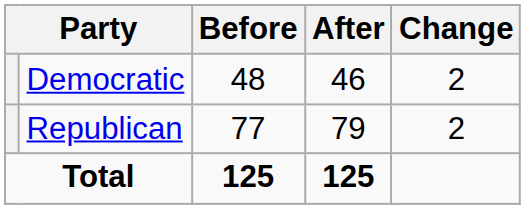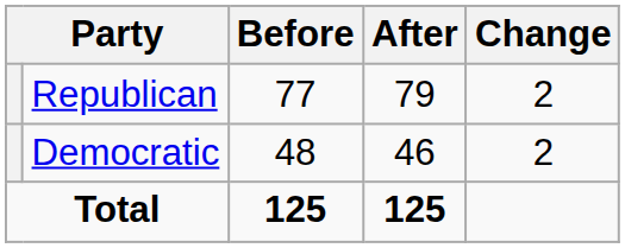 <table class="wikitable" style="text-align:center;">
 <tr>
 <th colspan="2">Party</th>
 <th>Before</th>
 <th>After</th>
 <th>Change</th>
 </tr>
 <tr>
 <th style="background-color:"></th>
-<td style="text-align:left;"><a href='#'>Democratic</a></td>
-<td>48</td>
-<td>46</td>
+<td style="text-align:left;"><a href='#'>Republican</a></td>
+<td>77</td>
+<td>79</td>
 <td> 2</td>
 </tr>
 <tr>
 <th style="background-color:"></th>
-<td style="text-align:left;"><a href='#'>Republican</a></td>
-<td>77</td>
-<td>79</td>
+<td style="text-align:left;"><a href='#'>Democratic</a></td>
+<td>48</td>
+<td>46</td>
 <td> 2</td>
 </tr>
 <tr>
 <td colspan="2"><strong>Total</strong></td>
 <td><strong>125</strong></td>
 <td><strong>125</strong></td>
 <td></td>
 </tr>
 </table>
